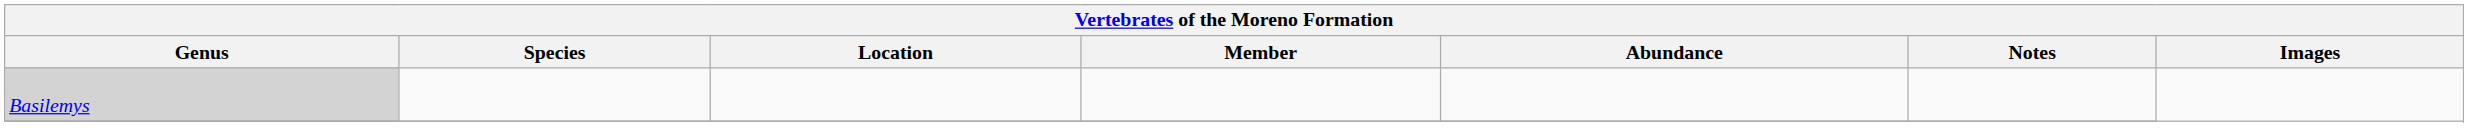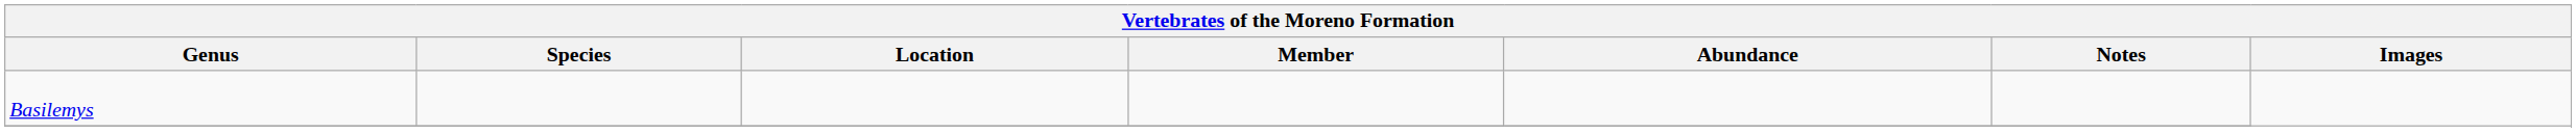 <table class="wikitable" align="center" width="100%">
 <tr>
 <th colspan="7" align="center"><strong><a href='#'>Vertebrates</a> of the Moreno Formation</strong></th>
 </tr>
 <tr>
 <th>Genus</th>
 <th>Species</th>
 <th>Location</th>
 <th>Member</th>
 <th>Abundance</th>
 <th>Notes</th>
 <th>Images</th>
 </tr>
 <tr>
-<td style="background: lightgrey;"><br><em><a href='#'>Basilemys</a></em></td>
+<td><br><em><a href='#'>Basilemys</a></em></td>
 <td></td>
 <td></td>
 <td></td>
 <td></td>
 <td></td>
 <td rowspan="99"><br></td>
 </tr>
 <tr>
 </tr>
 </table>
